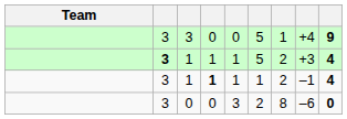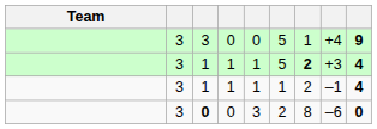 <table class="wikitable" style="text-align:center;">
 <tr>
 <th width="165">Team</th>
 <th width="20"></th>
 <th width="20"></th>
 <th width="20"></th>
 <th width="20"></th>
 <th width="20"></th>
 <th width="20"></th>
 <th width="20"></th>
 <th width="20"><br></th>
 </tr>
 <tr align=center bgcolor="ccffcc">
 <td style="text-align:left;"></td>
 <td>3</td>
 <td>3</td>
 <td>0</td>
 <td>0</td>
 <td>5</td>
 <td>1</td>
 <td>+4</td>
 <td><strong>9</strong></td>
 </tr>
 <tr align=center bgcolor="ccffcc">
 <td style="text-align:left;"></td>
-<td><strong>3</strong></td>
+<td>3</td>
 <td>1</td>
 <td>1</td>
 <td>1</td>
 <td>5</td>
-<td>2</td>
+<td><strong>2</strong></td>
 <td>+3</td>
 <td><strong>4</strong></td>
 </tr>
 <tr>
 <td style="text-align:left;"></td>
 <td>3</td>
 <td>1</td>
-<td><strong>1</strong></td>
+<td>1</td>
 <td>1</td>
 <td>1</td>
 <td>2</td>
 <td>–1</td>
 <td><strong>4</strong></td>
 </tr>
 <tr>
 <td style="text-align:left;"></td>
 <td>3</td>
-<td>0</td>
+<td><strong>0</strong></td>
 <td>0</td>
 <td>3</td>
 <td>2</td>
 <td>8</td>
 <td>–6</td>
 <td><strong>0</strong></td>
 </tr>
 </table>
